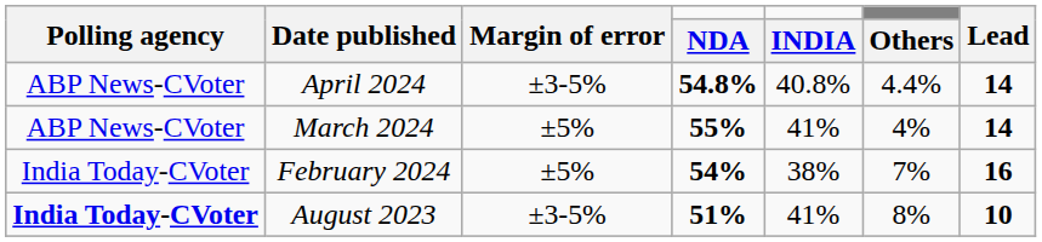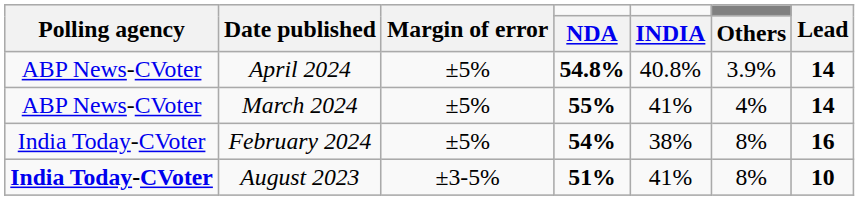 <table class="wikitable sortable" style="text-align:center;font-size:95%;line-height:16px">
 <tr>
 <th rowspan="2">Polling agency</th>
 <th rowspan="2">Date published</th>
 <th rowspan="2">Margin of error</th>
 <td></td>
 <td></td>
 <td bgcolor="grey"></td>
 <th rowspan="2">Lead</th>
 </tr>
 <tr>
 <th><a href='#'>NDA</a></th>
 <th><a href='#'>INDIA</a></th>
 <th>Others</th>
 </tr>
 <tr>
 <td><a href='#'>ABP News</a>-<a href='#'>CVoter</a></td>
 <td><em>April 2024</em></td>
-<td>±3-5%</td>
+<td>±5%</td>
 <td bgcolor=><strong>54.8%</strong></td>
 <td>40.8%</td>
-<td>4.4%</td>
+<td>3.9%</td>
 <td bgcolor=><strong>14</strong></td>
 </tr>
 <tr>
 <td><a href='#'>ABP News</a>-<a href='#'>CVoter</a></td>
 <td><em>March 2024</em></td>
 <td>±5%</td>
 <td bgcolor=><strong>55%</strong></td>
 <td>41%</td>
 <td>4%</td>
 <td bgcolor=><strong>14</strong></td>
 </tr>
 <tr>
 <td><a href='#'>India Today</a>-<a href='#'>CVoter</a></td>
 <td><em>February 2024</em></td>
 <td>±5%</td>
 <td><strong>54%</strong></td>
 <td>38%</td>
-<td>7%</td>
+<td>8%</td>
 <td><strong>16</strong></td>
 </tr>
 <tr>
 <td><strong><a href='#'>India Today</a>-<a href='#'>CVoter</a></strong></td>
 <td><em>August 2023</em></td>
 <td>±3-5%</td>
 <td><strong>51%</strong></td>
 <td>41%</td>
 <td>8%</td>
 <td><strong>10</strong></td>
 </tr>
 </table>
